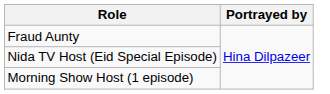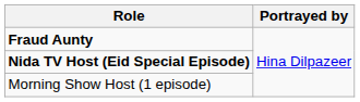 <table class="wikitable">
 <tr>
 <th>Role</th>
 <th>Portrayed by</th>
 </tr>
 <tr>
-<td>Fraud Aunty</td>
+<td><strong>Fraud Aunty</strong></td>
 <td rowspan="3"><a href='#'>Hina Dilpazeer</a></td>
 </tr>
 <tr>
-<td>Nida TV Host (Eid Special Episode)</td>
+<td><strong>Nida TV Host (Eid Special Episode)</strong></td>
 </tr>
 <tr>
 <td>Morning Show Host (1 episode)</td>
 </tr>
 </table>
